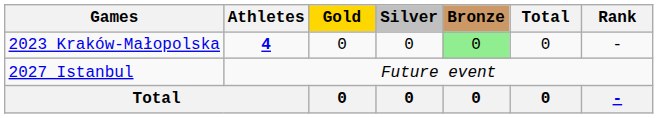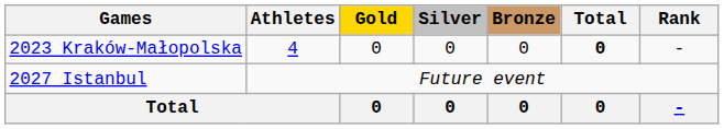 <table class="wikitable" style="text-align:center; font-size:90%;">
 <tr>
 <th>Games</th>
 <th>Athletes</th>
 <td style="background:gold; width:3.7em; font-weight:bold;">Gold</td>
 <td style="background:silver; width:3.7em; font-weight:bold;">Silver</td>
 <td style="background:#cc9966; width:3.7em; font-weight:bold;">Bronze</td>
 <th style="width:4em; font-weight:bold;">Total</th>
 <th style="width:4em; font-weight:bold;">Rank</th>
 </tr>
 <tr>
 <td align=left> <a href='#'>2023 Kraków-Małopolska</a></td>
-<td><strong><a href='#'>4</a></strong></td>
+<td><a href='#'>4</a></td>
 <td>0</td>
 <td>0</td>
-<td style="background: lightgreen;">0</td>
 <td>0</td>
+<td><strong>0</strong></td>
 <td>-</td>
 </tr>
 <tr>
 <td align=left> <a href='#'>2027 Istanbul</a></td>
 <td colspan=6><em>Future event</em></td>
 </tr>
 <tr>
 <th colspan=2>Total</th>
 <th>0</th>
 <th>0</th>
 <th>0</th>
 <th>0</th>
 <th><a href='#'>-</a></th>
 </tr>
 </table>
